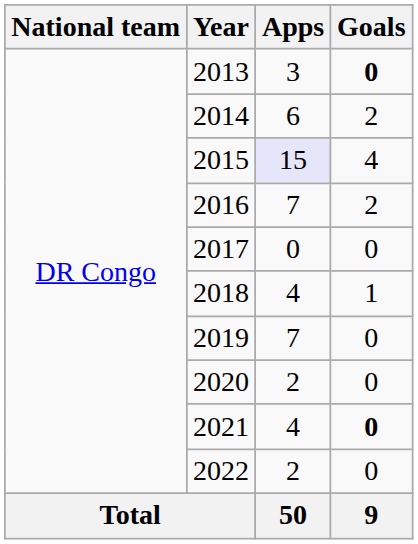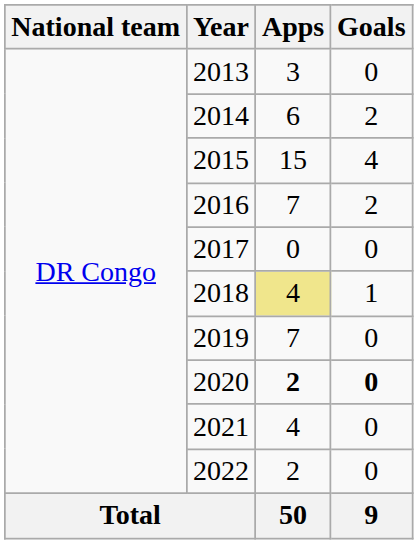 <table class=wikitable style="text-align: center">
 <tr>
 <th>National team</th>
 <th>Year</th>
 <th>Apps</th>
 <th>Goals</th>
 </tr>
 <tr>
 <td rowspan="10"><a href='#'>DR Congo</a></td>
 <td>2013</td>
 <td>3</td>
-<td><strong>0</strong></td>
+<td>0</td>
 </tr>
 <tr>
 <td>2014</td>
 <td>6</td>
 <td>2</td>
 </tr>
 <tr>
 <td>2015</td>
-<td style="background: lavender;">15</td>
+<td>15</td>
 <td>4</td>
 </tr>
 <tr>
 <td>2016</td>
 <td>7</td>
 <td>2</td>
 </tr>
 <tr>
 <td>2017</td>
 <td>0</td>
 <td>0</td>
 </tr>
 <tr>
 <td>2018</td>
-<td>4</td>
+<td style="background: khaki;">4</td>
 <td>1</td>
 </tr>
 <tr>
 <td>2019</td>
 <td>7</td>
 <td>0</td>
 </tr>
 <tr>
 <td>2020</td>
-<td>2</td>
-<td>0</td>
+<td><strong>2</strong></td>
+<td><strong>0</strong></td>
 </tr>
 <tr>
 <td>2021</td>
 <td>4</td>
-<td><strong>0</strong></td>
+<td>0</td>
 </tr>
 <tr>
 <td>2022</td>
 <td>2</td>
 <td>0</td>
 </tr>
 <tr>
 <th colspan=2>Total</th>
 <th>50</th>
 <th>9</th>
 </tr>
 </table>
